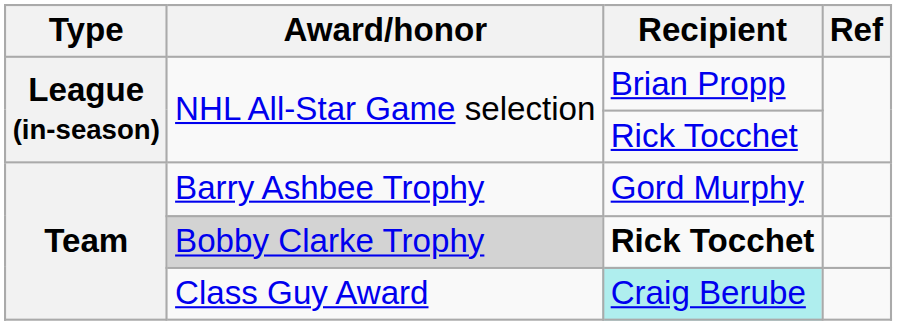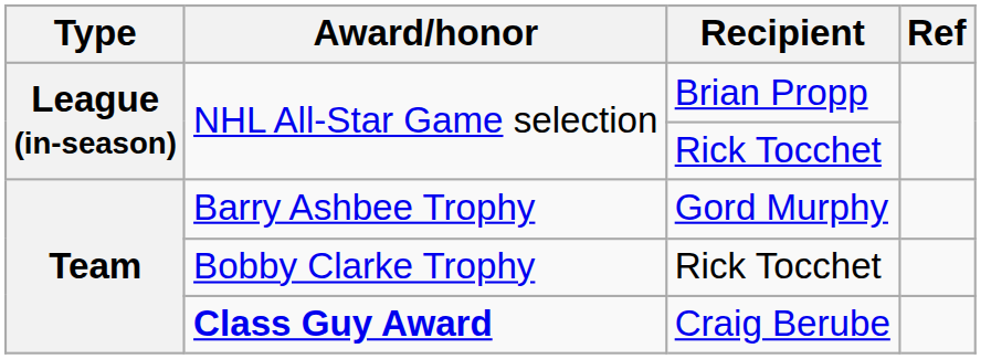 <table class="wikitable">
 <tr>
 <th scope="col">Type</th>
 <th scope="col">Award/honor</th>
 <th scope="col">Recipient</th>
 <th scope="col">Ref</th>
 </tr>
 <tr>
 <th scope="row" rowspan="2">League<br><small>(in-season)</small></th>
 <td rowspan="2"><a href='#'>NHL All-Star Game</a> selection</td>
 <td><a href='#'>Brian Propp</a></td>
 <td rowspan="2"></td>
 </tr>
 <tr>
 <td><a href='#'>Rick Tocchet</a></td>
 </tr>
 <tr>
 <th scope="row" rowspan="3">Team</th>
 <td><a href='#'>Barry Ashbee Trophy</a></td>
 <td><a href='#'>Gord Murphy</a></td>
 <td></td>
 </tr>
 <tr>
-<td style="background: lightgrey;"><a href='#'>Bobby Clarke Trophy</a></td>
-<td><strong>Rick Tocchet</strong></td>
+<td><a href='#'>Bobby Clarke Trophy</a></td>
+<td>Rick Tocchet</td>
 <td></td>
 </tr>
 <tr>
-<td><a href='#'>Class Guy Award</a></td>
-<td style="background: paleturquoise;"><a href='#'>Craig Berube</a></td>
+<td><strong><a href='#'>Class Guy Award</a></strong></td>
+<td><a href='#'>Craig Berube</a></td>
 <td></td>
 </tr>
 </table>
